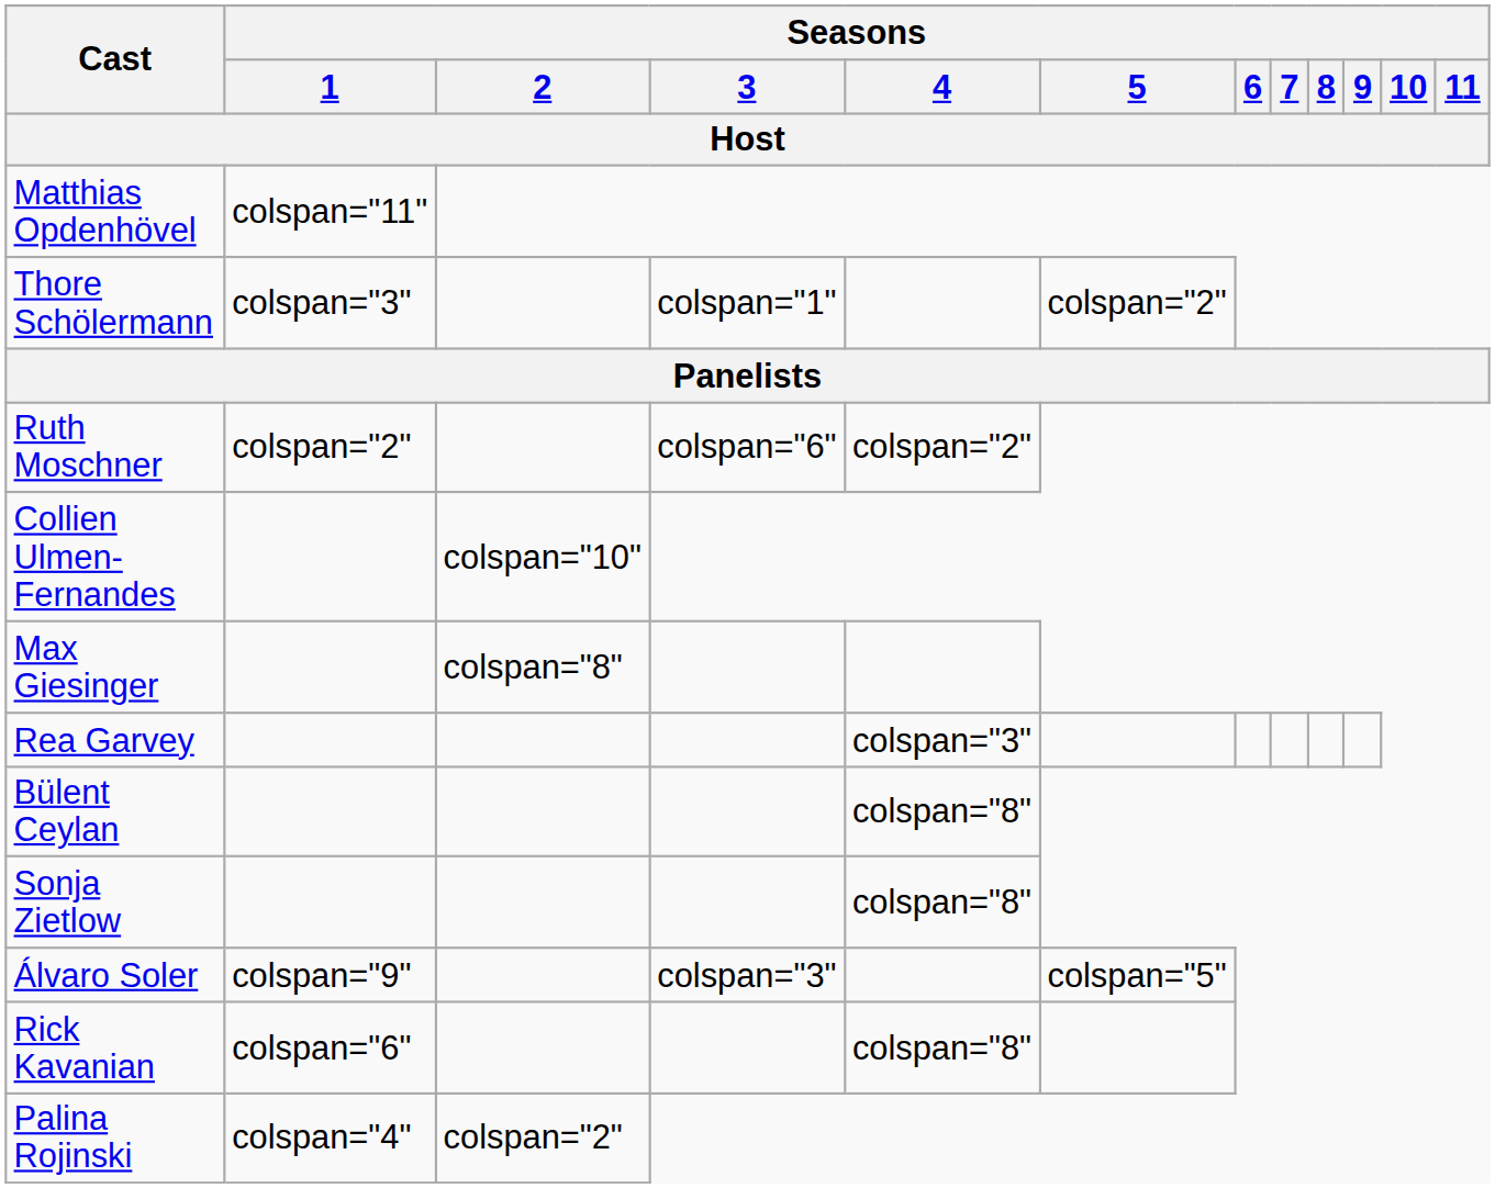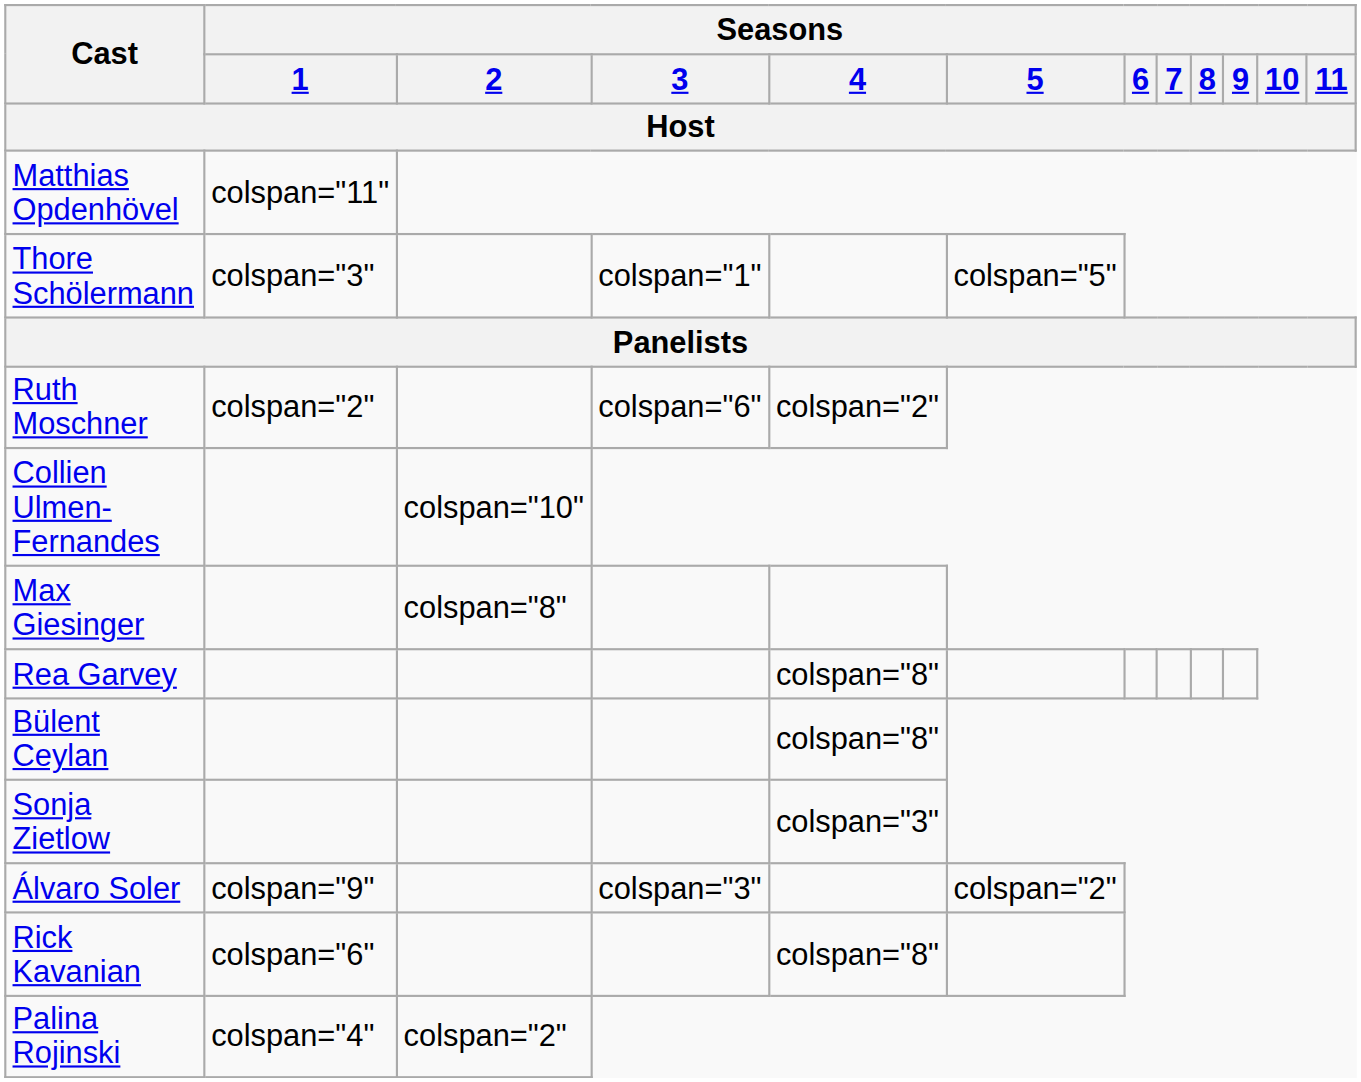 <table class="wikitable mw-collapsible mw-collapsed" style="margin-left: auto; margin-right: auto; border: none; font-size:90%; width:50%;">
 <tr>
 <th rowspan="2" width="135">Cast</th>
 <th colspan="11" style=text-align:center;>Seasons</th>
 </tr>
 <tr>
 <th width="40"><a href='#'>1</a></th>
 <th width="40"><a href='#'>2</a></th>
 <th width="40"><a href='#'>3</a></th>
 <th width="40"><a href='#'>4</a></th>
 <th width="40"><a href='#'>5</a></th>
 <th width="40"><a href='#'>6</a></th>
 <th width="40"><a href='#'>7</a></th>
 <th width="40"><a href='#'>8</a></th>
 <th width="40"><a href='#'>9</a></th>
 <th width="40"><a href='#'>10</a></th>
 <th width="40"><a href='#'>11</a></th>
 </tr>
 <tr>
 <th colspan="12">Host</th>
 </tr>
 <tr>
 <td><a href='#'>Matthias Opdenhövel</a></td>
 <td>colspan="11" </td>
 </tr>
 <tr>
 <td><a href='#'>Thore Schölermann</a></td>
 <td>colspan="3" </td>
 <td></td>
 <td>colspan="1" </td>
 <td></td>
-<td>colspan="2" </td>
+<td>colspan="5" </td>
 </tr>
 <tr>
 <th colspan="12">Panelists</th>
 </tr>
 <tr>
 <td><a href='#'>Ruth Moschner</a></td>
 <td>colspan="2" </td>
 <td></td>
 <td>colspan="6" </td>
 <td>colspan="2" </td>
 </tr>
 <tr>
 <td><a href='#'>Collien Ulmen-Fernandes</a></td>
 <td></td>
 <td>colspan="10" </td>
 </tr>
 <tr>
 <td><a href='#'>Max Giesinger</a></td>
 <td></td>
 <td>colspan="8" </td>
 <td></td>
 <td></td>
 </tr>
 <tr>
 <td><a href='#'>Rea Garvey</a></td>
 <td></td>
 <td></td>
 <td></td>
-<td>colspan="3" </td>
+<td>colspan="8" </td>
 <td></td>
 <td></td>
 <td></td>
 <td></td>
 <td></td>
 </tr>
 <tr>
 <td><a href='#'>Bülent Ceylan</a></td>
 <td></td>
 <td></td>
 <td></td>
 <td>colspan="8" </td>
 </tr>
 <tr>
 <td><a href='#'>Sonja Zietlow</a></td>
 <td></td>
 <td></td>
 <td></td>
-<td>colspan="8" </td>
+<td>colspan="3" </td>
 </tr>
 <tr>
 <td><a href='#'>Álvaro Soler</a></td>
 <td>colspan="9" </td>
 <td></td>
 <td>colspan="3" </td>
 <td></td>
-<td>colspan="5" </td>
+<td>colspan="2" </td>
 </tr>
 <tr>
 <td><a href='#'>Rick Kavanian</a></td>
 <td>colspan="6" </td>
 <td></td>
 <td></td>
 <td>colspan="8" </td>
 <td></td>
 </tr>
 <tr>
 <td><a href='#'>Palina Rojinski</a></td>
 <td>colspan="4" </td>
 <td>colspan="2" </td>
 </tr>
 <tr>
 </tr>
 </table>
